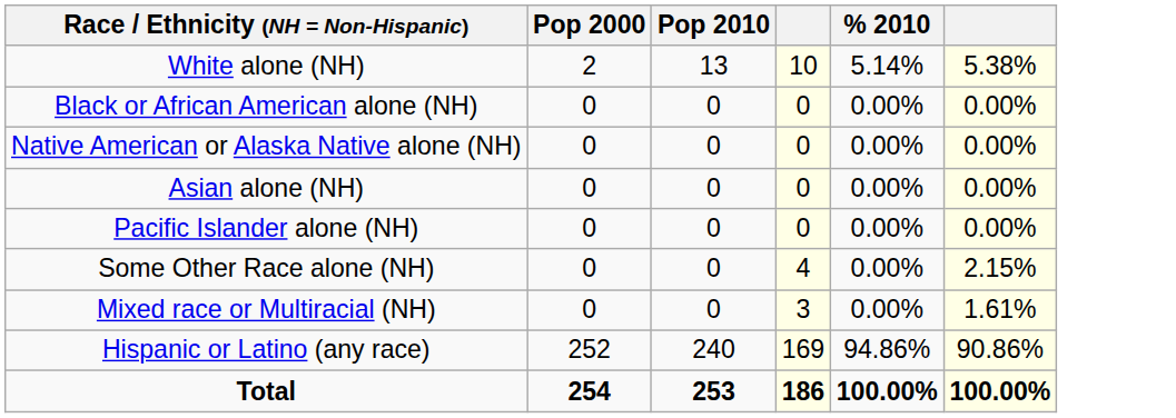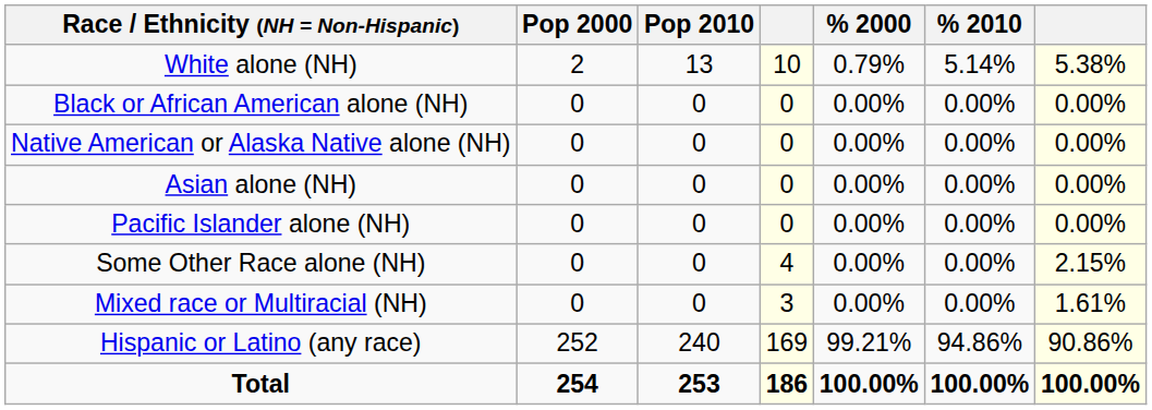 <table class="wikitable" style="text-align:center;">
 <tr>
 <th>Race / Ethnicity <small>(<em>NH = Non-Hispanic</em>)</small></th>
 <th>Pop 2000</th>
 <th>Pop 2010</th>
 <th></th>
+<th>% 2000</th>
 <th>% 2010</th>
 <th></th>
 </tr>
 <tr>
 <td><a href='#'>White</a> alone (NH)</td>
 <td>2</td>
 <td>13</td>
 <td style='background: #ffffe6;'>10</td>
+<td>0.79%</td>
 <td>5.14%</td>
 <td style='background: #ffffe6;'>5.38%</td>
 </tr>
 <tr>
 <td><a href='#'>Black or African American</a> alone (NH)</td>
 <td>0</td>
 <td>0</td>
 <td style='background: #ffffe6;'>0</td>
 <td>0.00%</td>
+<td>0.00%</td>
 <td style='background: #ffffe6;'>0.00%</td>
 </tr>
 <tr>
 <td><a href='#'>Native American</a> or <a href='#'>Alaska Native</a> alone (NH)</td>
 <td>0</td>
 <td>0</td>
 <td style='background: #ffffe6;'>0</td>
+<td>0.00%</td>
 <td>0.00%</td>
 <td style='background: #ffffe6;'>0.00%</td>
 </tr>
 <tr>
 <td><a href='#'>Asian</a> alone (NH)</td>
 <td>0</td>
 <td>0</td>
 <td style='background: #ffffe6;'>0</td>
 <td>0.00%</td>
+<td>0.00%</td>
 <td style='background: #ffffe6;'>0.00%</td>
 </tr>
 <tr>
 <td><a href='#'>Pacific Islander</a> alone (NH)</td>
 <td>0</td>
 <td>0</td>
 <td style='background: #ffffe6;'>0</td>
+<td>0.00%</td>
 <td>0.00%</td>
 <td style='background: #ffffe6;'>0.00%</td>
 </tr>
 <tr>
 <td>Some Other Race alone (NH)</td>
 <td>0</td>
 <td>0</td>
 <td style='background: #ffffe6;'>4</td>
 <td>0.00%</td>
+<td>0.00%</td>
 <td style='background: #ffffe6;'>2.15%</td>
 </tr>
 <tr>
 <td><a href='#'>Mixed race or Multiracial</a> (NH)</td>
 <td>0</td>
 <td>0</td>
 <td style='background: #ffffe6;'>3</td>
 <td>0.00%</td>
+<td>0.00%</td>
 <td style='background: #ffffe6;'>1.61%</td>
 </tr>
 <tr>
 <td><a href='#'>Hispanic or Latino</a> (any race)</td>
 <td>252</td>
 <td>240</td>
 <td style='background: #ffffe6;'>169</td>
+<td>99.21%</td>
 <td>94.86%</td>
 <td style='background: #ffffe6;'>90.86%</td>
 </tr>
 <tr>
 <td><strong>Total</strong></td>
 <td><strong>254</strong></td>
 <td><strong>253</strong></td>
 <td style='background: #ffffe6;'><strong>186</strong></td>
 <td><strong>100.00%</strong></td>
+<td><strong>100.00%</strong></td>
 <td style='background: #ffffe6;'><strong>100.00%</strong></td>
 </tr>
 </table>
